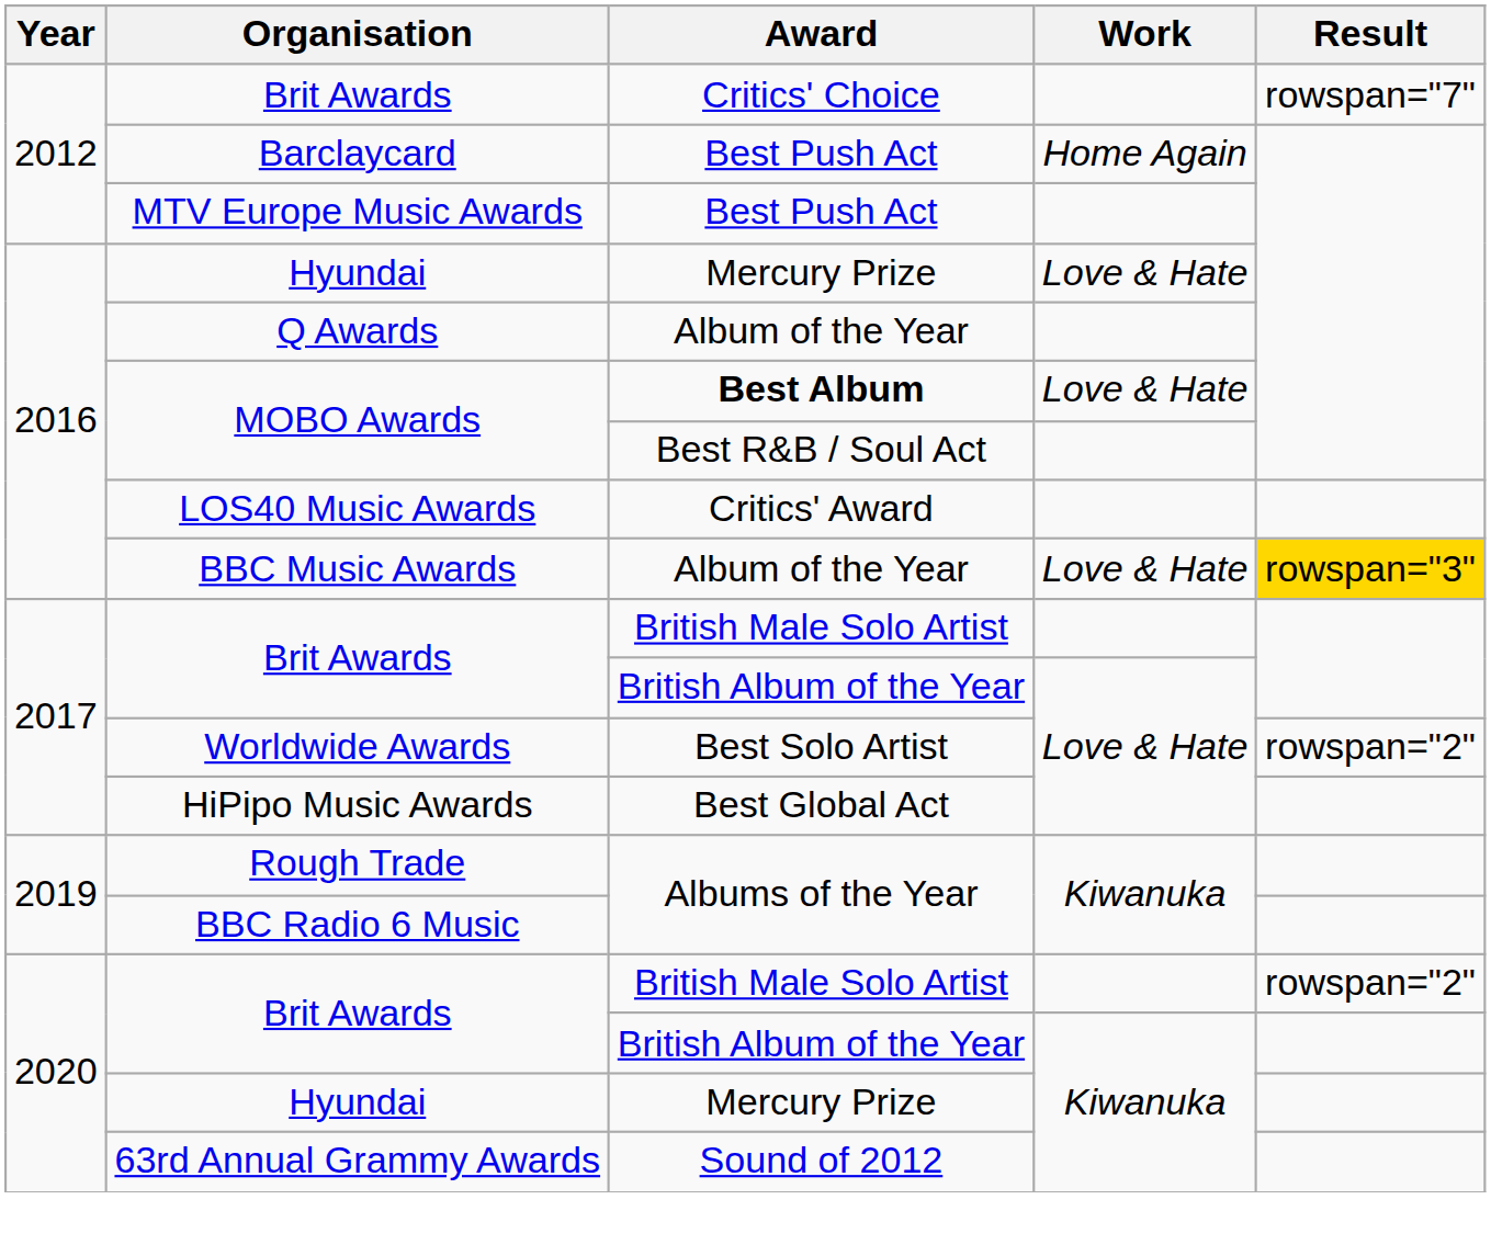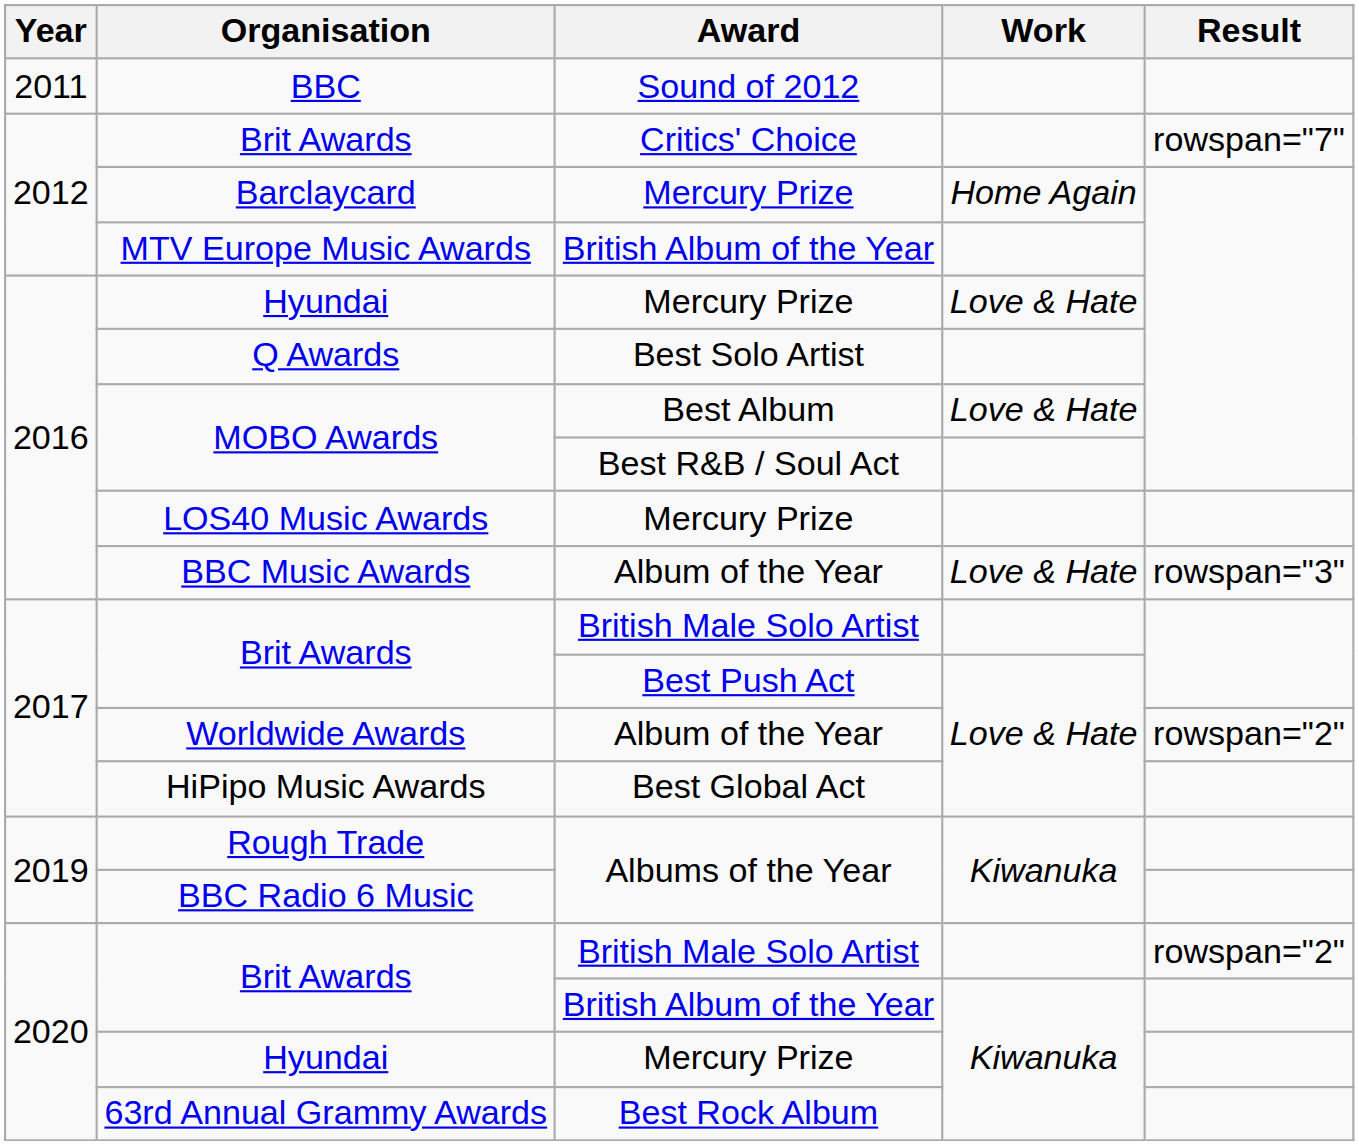 <table class="wikitable plainrowheaders" style="text-align:center;">
 <tr>
 <th>Year</th>
 <th>Organisation</th>
 <th>Award</th>
 <th>Work</th>
 <th>Result</th>
+</tr>
+<tr>
+<td>2011</td>
+<td><a href='#'>BBC</a></td>
+<td><a href='#'>Sound of 2012</a></td>
+<td></td>
+<td></td>
 </tr>
 <tr>
 <td rowspan="3">2012</td>
 <td><a href='#'>Brit Awards</a></td>
 <td><a href='#'>Critics' Choice</a></td>
 <td></td>
 <td>rowspan="7" </td>
 </tr>
 <tr>
 <td><a href='#'>Barclaycard</a></td>
-<td><a href='#'>Best Push Act</a></td>
+<td><a href='#'>Mercury Prize</a></td>
 <td><em>Home Again</em></td>
 </tr>
 <tr>
 <td><a href='#'>MTV Europe Music Awards</a></td>
-<td><a href='#'>Best Push Act</a></td>
+<td><a href='#'>British Album of the Year</a></td>
 <td></td>
 </tr>
 <tr>
 <td rowspan="6">2016</td>
 <td><a href='#'>Hyundai</a></td>
 <td>Mercury Prize</td>
 <td><em>Love & Hate</em></td>
 </tr>
 <tr>
 <td><a href='#'>Q Awards</a></td>
-<td>Album of the Year</td>
+<td>Best Solo Artist</td>
 <td></td>
 </tr>
 <tr>
 <td rowspan="2"><a href='#'>MOBO Awards</a></td>
-<td><strong>Best Album</strong></td>
+<td>Best Album</td>
 <td><em>Love & Hate</em></td>
 </tr>
 <tr>
 <td>Best R&B / Soul Act</td>
 <td></td>
 </tr>
 <tr>
 <td><a href='#'>LOS40 Music Awards</a></td>
-<td>Critics' Award</td>
+<td>Mercury Prize</td>
 <td></td>
 <td></td>
 </tr>
 <tr>
 <td><a href='#'>BBC Music Awards</a></td>
 <td>Album of the Year</td>
 <td><em>Love & Hate</em></td>
-<td style="background: gold;">rowspan="3" </td>
+<td>rowspan="3" </td>
 </tr>
 <tr>
 <td rowspan="4">2017</td>
 <td rowspan="2"><a href='#'>Brit Awards</a></td>
 <td><a href='#'>British Male Solo Artist</a></td>
 <td></td>
 </tr>
 <tr>
-<td><a href='#'>British Album of the Year</a></td>
+<td><a href='#'>Best Push Act</a></td>
 <td rowspan="3"><em>Love & Hate</em></td>
 </tr>
 <tr>
 <td><a href='#'>Worldwide Awards</a></td>
-<td>Best Solo Artist</td>
+<td>Album of the Year</td>
 <td>rowspan="2" </td>
 </tr>
 <tr>
 <td>HiPipo Music Awards</td>
 <td>Best Global Act</td>
 </tr>
 <tr>
 <td rowspan="2">2019</td>
 <td><a href='#'>Rough Trade</a></td>
 <td rowspan="2">Albums of the Year<br></td>
 <td rowspan="2"><em>Kiwanuka</em></td>
 <td></td>
 </tr>
 <tr>
 <td><a href='#'>BBC Radio 6 Music</a></td>
 <td></td>
 </tr>
 <tr>
 <td rowspan="4">2020</td>
 <td rowspan="2"><a href='#'>Brit Awards</a></td>
 <td><a href='#'>British Male Solo Artist</a></td>
 <td></td>
 <td>rowspan="2" </td>
 </tr>
 <tr>
 <td><a href='#'>British Album of the Year</a></td>
 <td rowspan="3"><em>Kiwanuka</em></td>
 </tr>
 <tr>
 <td><a href='#'>Hyundai</a></td>
 <td>Mercury Prize</td>
 <td></td>
 </tr>
 <tr>
 <td><a href='#'>63rd Annual Grammy Awards</a></td>
-<td><a href='#'>Sound of 2012</a></td>
+<td><a href='#'>Best Rock Album</a></td>
 <td></td>
 </tr>
 </table>
